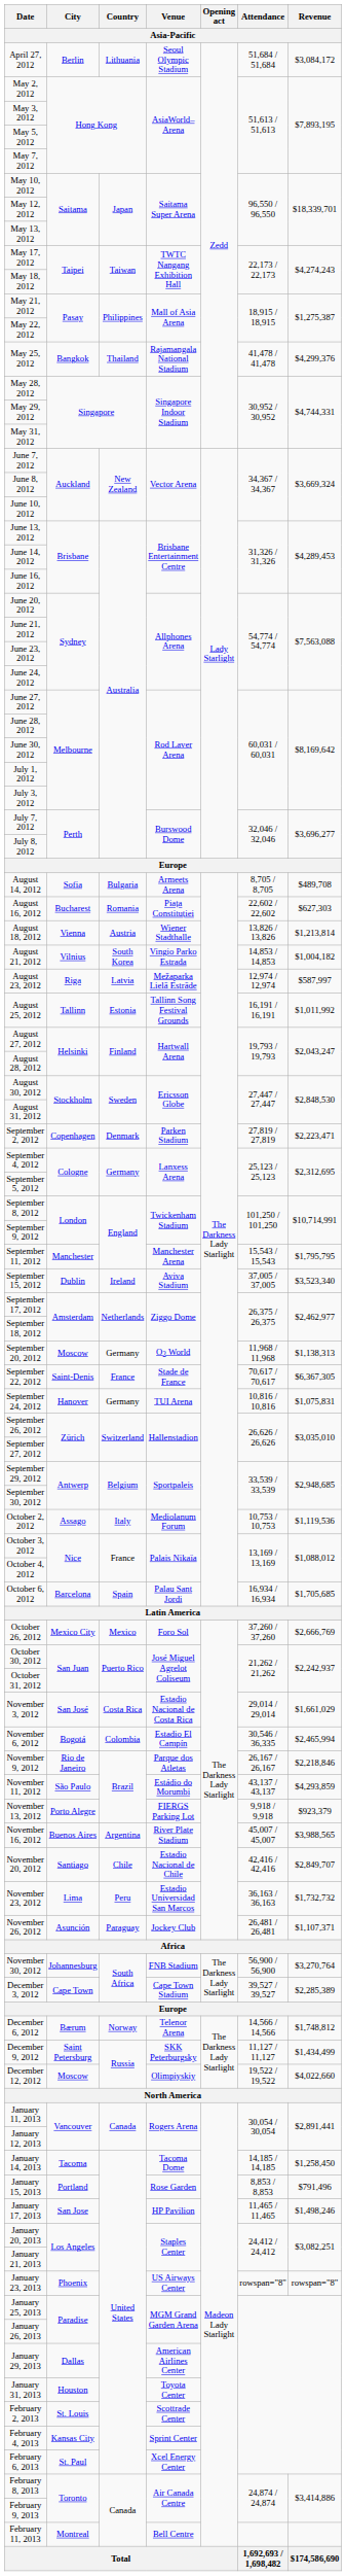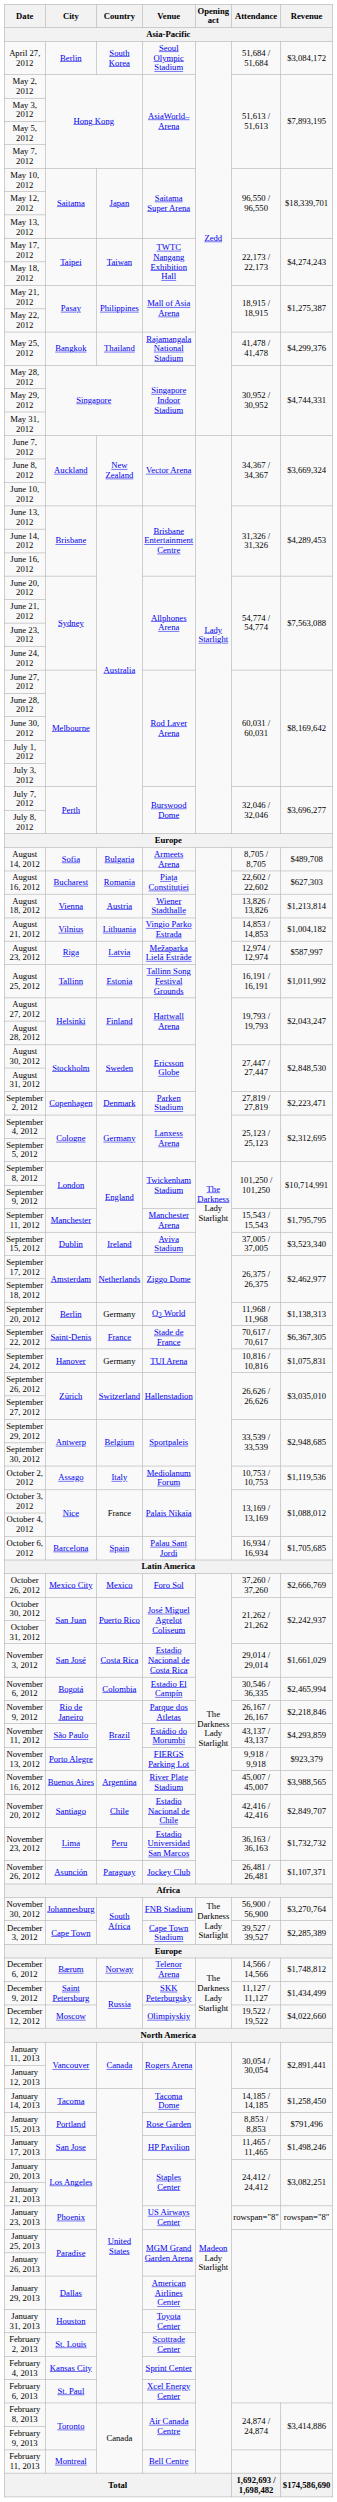 <table class="wikitable" style="text-align:center;">
 <tr>
 <th scope="col" style="width:12em;">Date</th>
 <th scope="col" style="width:10em;">City</th>
 <th scope="col" style="width:10em;">Country</th>
 <th scope="col" style="width:16em;">Venue</th>
 <th scope="col" style="width:10em;">Opening act</th>
 <th scope="col" style="width:10em;">Attendance</th>
 <th scope="col" style="width:10em;">Revenue</th>
 </tr>
 <tr>
 <th colspan="7">Asia-Pacific</th>
 </tr>
 <tr>
 <td>April 27, 2012</td>
 <td><a href='#'>Berlin</a></td>
-<td><a href='#'>Lithuania</a></td>
+<td><a href='#'>South Korea</a></td>
 <td><a href='#'>Seoul Olympic Stadium</a></td>
 <td rowspan="16"><a href='#'>Zedd</a></td>
 <td>51,684 / 51,684</td>
 <td>$3,084,172</td>
 </tr>
 <tr>
 <td>May 2, 2012</td>
 <td colspan="2" rowspan="4"><a href='#'>Hong Kong</a></td>
 <td rowspan="4"><a href='#'>AsiaWorld–Arena</a></td>
 <td rowspan="4">51,613 / 51,613</td>
 <td rowspan="4">$7,893,195</td>
 </tr>
 <tr>
 <td>May 3, 2012</td>
 </tr>
 <tr>
 <td>May 5, 2012</td>
 </tr>
 <tr>
 <td>May 7, 2012</td>
 </tr>
 <tr>
 <td>May 10, 2012</td>
 <td rowspan="3"><a href='#'>Saitama</a></td>
 <td rowspan="3"><a href='#'>Japan</a></td>
 <td rowspan="3"><a href='#'>Saitama Super Arena</a></td>
 <td rowspan="3">96,550 / 96,550</td>
 <td rowspan="3">$18,339,701</td>
 </tr>
 <tr>
 <td>May 12, 2012</td>
 </tr>
 <tr>
 <td>May 13, 2012</td>
 </tr>
 <tr>
 <td>May 17, 2012</td>
 <td rowspan="2"><a href='#'>Taipei</a></td>
 <td rowspan="2"><a href='#'>Taiwan</a></td>
 <td rowspan="2"><a href='#'>TWTC Nangang Exhibition Hall</a></td>
 <td rowspan="2">22,173 / 22,173</td>
 <td rowspan="2">$4,274,243</td>
 </tr>
 <tr>
 <td>May 18, 2012</td>
 </tr>
 <tr>
 <td>May 21, 2012</td>
 <td rowspan="2"><a href='#'>Pasay</a></td>
 <td rowspan="2"><a href='#'>Philippines</a></td>
 <td rowspan="2"><a href='#'>Mall of Asia Arena</a></td>
 <td rowspan="2">18,915 / 18,915</td>
 <td rowspan="2">$1,275,387</td>
 </tr>
 <tr>
 <td>May 22, 2012</td>
 </tr>
 <tr>
 <td>May 25, 2012</td>
 <td><a href='#'>Bangkok</a></td>
 <td><a href='#'>Thailand</a></td>
 <td><a href='#'>Rajamangala National Stadium</a></td>
 <td>41,478 / 41,478</td>
 <td>$4,299,376</td>
 </tr>
 <tr>
 <td>May 28, 2012</td>
 <td colspan="2" rowspan="3"><a href='#'>Singapore</a></td>
 <td rowspan="3"><a href='#'>Singapore Indoor Stadium</a></td>
 <td rowspan="3">30,952 / 30,952</td>
 <td rowspan="3">$4,744,331</td>
 </tr>
 <tr>
 <td>May 29, 2012</td>
 </tr>
 <tr>
 <td>May 31, 2012</td>
 </tr>
 <tr>
 <td>June 7, 2012</td>
 <td rowspan="3"><a href='#'>Auckland</a></td>
 <td rowspan="3"><a href='#'>New Zealand</a></td>
 <td rowspan="3"><a href='#'>Vector Arena</a></td>
 <td rowspan="17"><a href='#'>Lady Starlight</a></td>
 <td rowspan="3">34,367 / 34,367</td>
 <td rowspan="3">$3,669,324</td>
 </tr>
 <tr>
 <td>June 8, 2012</td>
 </tr>
 <tr>
 <td>June 10, 2012</td>
 </tr>
 <tr>
 <td>June 13, 2012</td>
 <td rowspan="3"><a href='#'>Brisbane</a></td>
 <td rowspan="14"><a href='#'>Australia</a></td>
 <td rowspan="3"><a href='#'>Brisbane Entertainment Centre</a></td>
 <td rowspan="3">31,326 / 31,326</td>
 <td rowspan="3">$4,289,453</td>
 </tr>
 <tr>
 <td>June 14, 2012</td>
 </tr>
 <tr>
 <td>June 16, 2012</td>
 </tr>
 <tr>
 <td>June 20, 2012</td>
 <td rowspan="4"><a href='#'>Sydney</a></td>
 <td rowspan="4"><a href='#'>Allphones Arena</a></td>
 <td rowspan="4">54,774 / 54,774</td>
 <td rowspan="4">$7,563,088</td>
 </tr>
 <tr>
 <td>June 21, 2012</td>
 </tr>
 <tr>
 <td>June 23, 2012</td>
 </tr>
 <tr>
 <td>June 24, 2012</td>
 </tr>
 <tr>
 <td>June 27, 2012</td>
 <td rowspan="5"><a href='#'>Melbourne</a></td>
 <td rowspan="5"><a href='#'>Rod Laver Arena</a></td>
 <td rowspan="5">60,031 / 60,031</td>
 <td rowspan="5">$8,169,642</td>
 </tr>
 <tr>
 <td>June 28, 2012</td>
 </tr>
 <tr>
 <td>June 30, 2012</td>
 </tr>
 <tr>
 <td>July 1, 2012</td>
 </tr>
 <tr>
 <td>July 3, 2012</td>
 </tr>
 <tr>
 <td>July 7, 2012</td>
 <td rowspan="2"><a href='#'>Perth</a></td>
 <td rowspan="2"><a href='#'>Burswood Dome</a></td>
 <td rowspan="2">32,046 / 32,046</td>
 <td rowspan="2">$3,696,277</td>
 </tr>
 <tr>
 <td>July 8, 2012</td>
 </tr>
 <tr>
 <th colspan="7">Europe</th>
 </tr>
 <tr>
 <td>August 14, 2012</td>
 <td><a href='#'>Sofia</a></td>
 <td><a href='#'>Bulgaria</a></td>
 <td><a href='#'>Armeets Arena</a></td>
 <td rowspan="30"><a href='#'>The Darkness</a><br>Lady Starlight</td>
 <td>8,705 / 8,705</td>
 <td>$489,708</td>
 </tr>
 <tr>
 <td>August 16, 2012</td>
 <td><a href='#'>Bucharest</a></td>
 <td><a href='#'>Romania</a></td>
 <td><a href='#'>Piața Constituției</a></td>
 <td>22,602 / 22,602</td>
 <td>$627,303</td>
 </tr>
 <tr>
 <td>August 18, 2012</td>
 <td><a href='#'>Vienna</a></td>
 <td><a href='#'>Austria</a></td>
 <td><a href='#'>Wiener Stadthalle</a></td>
 <td>13,826 / 13,826</td>
 <td>$1,213,814</td>
 </tr>
 <tr>
 <td>August 21, 2012</td>
 <td><a href='#'>Vilnius</a></td>
-<td><a href='#'>South Korea</a></td>
+<td><a href='#'>Lithuania</a></td>
 <td><a href='#'>Vingio Parko Estrada</a></td>
 <td>14,853 / 14,853</td>
 <td>$1,004,182</td>
 </tr>
 <tr>
 <td>August 23, 2012</td>
 <td><a href='#'>Riga</a></td>
 <td><a href='#'>Latvia</a></td>
 <td><a href='#'>Mežaparka Lielā Estrāde</a></td>
 <td>12,974 / 12,974</td>
 <td>$587,997</td>
 </tr>
 <tr>
 <td>August 25, 2012</td>
 <td><a href='#'>Tallinn</a></td>
 <td><a href='#'>Estonia</a></td>
 <td><a href='#'>Tallinn Song Festival Grounds</a></td>
 <td>16,191 / 16,191</td>
 <td>$1,011,992</td>
 </tr>
 <tr>
 <td>August 27, 2012</td>
 <td rowspan="2"><a href='#'>Helsinki</a></td>
 <td rowspan="2"><a href='#'>Finland</a></td>
 <td rowspan="2"><a href='#'>Hartwall Arena</a></td>
 <td rowspan="2">19,793 / 19,793</td>
 <td rowspan="2">$2,043,247</td>
 </tr>
 <tr>
 <td>August 28, 2012</td>
 </tr>
 <tr>
 <td>August 30, 2012</td>
 <td rowspan="2"><a href='#'>Stockholm</a></td>
 <td rowspan="2"><a href='#'>Sweden</a></td>
 <td rowspan="2"><a href='#'>Ericsson Globe</a></td>
 <td rowspan="2">27,447 / 27,447</td>
 <td rowspan="2">$2,848,530</td>
 </tr>
 <tr>
 <td>August 31, 2012</td>
 </tr>
 <tr>
 <td>September 2, 2012</td>
 <td><a href='#'>Copenhagen</a></td>
 <td><a href='#'>Denmark</a></td>
 <td><a href='#'>Parken Stadium</a></td>
 <td>27,819 / 27,819</td>
 <td>$2,223,471</td>
 </tr>
 <tr>
 <td>September 4, 2012</td>
 <td rowspan="2"><a href='#'>Cologne</a></td>
 <td rowspan="2"><a href='#'>Germany</a></td>
 <td rowspan="2"><a href='#'>Lanxess Arena</a></td>
 <td rowspan="2">25,123 / 25,123</td>
 <td rowspan="2">$2,312,695</td>
 </tr>
 <tr>
 <td>September 5, 2012</td>
 </tr>
 <tr>
 <td>September 8, 2012</td>
 <td rowspan="2"><a href='#'>London</a></td>
 <td rowspan="3"><a href='#'>England</a></td>
 <td rowspan="2"><a href='#'>Twickenham Stadium</a></td>
 <td rowspan="2">101,250 / 101,250</td>
 <td rowspan="2">$10,714,991</td>
 </tr>
 <tr>
 <td>September 9, 2012</td>
 </tr>
 <tr>
 <td>September 11, 2012</td>
 <td><a href='#'>Manchester</a></td>
 <td><a href='#'>Manchester Arena</a></td>
 <td>15,543 / 15,543</td>
 <td>$1,795,795</td>
 </tr>
 <tr>
 <td>September 15, 2012</td>
 <td><a href='#'>Dublin</a></td>
 <td><a href='#'>Ireland</a></td>
 <td><a href='#'>Aviva Stadium</a></td>
 <td>37,005 / 37,005</td>
 <td>$3,523,340</td>
 </tr>
 <tr>
 <td>September 17, 2012</td>
 <td rowspan="2"><a href='#'>Amsterdam</a></td>
 <td rowspan="2"><a href='#'>Netherlands</a></td>
 <td rowspan="2"><a href='#'>Ziggo Dome</a></td>
 <td rowspan="2">26,375 / 26,375</td>
 <td rowspan="2">$2,462,977</td>
 </tr>
 <tr>
 <td>September 18, 2012</td>
 </tr>
 <tr>
 <td>September 20, 2012</td>
-<td><a href='#'>Moscow</a></td>
+<td><a href='#'>Berlin</a></td>
 <td>Germany</td>
 <td><a href='#'>O<sub>2</sub> World</a></td>
 <td>11,968 / 11,968</td>
 <td>$1,138,313</td>
 </tr>
 <tr>
 <td>September 22, 2012</td>
 <td><a href='#'>Saint-Denis</a></td>
 <td><a href='#'>France</a></td>
 <td><a href='#'>Stade de France</a></td>
 <td>70,617 / 70,617</td>
 <td>$6,367,305</td>
 </tr>
 <tr>
 <td>September 24, 2012</td>
 <td><a href='#'>Hanover</a></td>
 <td>Germany</td>
 <td><a href='#'>TUI Arena</a></td>
 <td>10,816 / 10,816</td>
 <td>$1,075,831</td>
 </tr>
 <tr>
 <td>September 26, 2012</td>
 <td rowspan="2"><a href='#'>Zürich</a></td>
 <td rowspan="2"><a href='#'>Switzerland</a></td>
 <td rowspan="2"><a href='#'>Hallenstadion</a></td>
 <td rowspan="2">26,626 / 26,626</td>
 <td rowspan="2">$3,035,010</td>
 </tr>
 <tr>
 <td>September 27, 2012</td>
 </tr>
 <tr>
 <td>September 29, 2012</td>
 <td rowspan="2"><a href='#'>Antwerp</a></td>
 <td rowspan="2"><a href='#'>Belgium</a></td>
 <td rowspan="2"><a href='#'>Sportpaleis</a></td>
 <td rowspan="2">33,539 / 33,539</td>
 <td rowspan="2">$2,948,685</td>
 </tr>
 <tr>
 <td>September 30, 2012</td>
 </tr>
 <tr>
 <td>October 2, 2012</td>
 <td><a href='#'>Assago</a></td>
 <td><a href='#'>Italy</a></td>
 <td><a href='#'>Mediolanum Forum</a></td>
 <td>10,753 / 10,753</td>
 <td>$1,119,536</td>
 </tr>
 <tr>
 <td>October 3, 2012</td>
 <td rowspan="2"><a href='#'>Nice</a></td>
 <td rowspan="2">France</td>
 <td rowspan="2"><a href='#'>Palais Nikaïa</a></td>
 <td rowspan="2">13,169 / 13,169</td>
 <td rowspan="2">$1,088,012</td>
 </tr>
 <tr>
 <td>October 4, 2012</td>
 </tr>
 <tr>
 <td>October 6, 2012</td>
 <td><a href='#'>Barcelona</a></td>
 <td><a href='#'>Spain</a></td>
 <td><a href='#'>Palau Sant Jordi</a></td>
 <td>16,934 / 16,934</td>
 <td>$1,705,685</td>
 </tr>
 <tr>
 <th colspan="7">Latin America</th>
 </tr>
 <tr>
 <td>October 26, 2012</td>
 <td><a href='#'>Mexico City</a></td>
 <td><a href='#'>Mexico</a></td>
 <td><a href='#'>Foro Sol</a></td>
 <td rowspan="12">The Darkness<br>Lady Starlight</td>
 <td>37,260 / 37,260</td>
 <td>$2,666,769</td>
 </tr>
 <tr>
 <td>October 30, 2012</td>
 <td rowspan="2"><a href='#'>San Juan</a></td>
 <td rowspan="2"><a href='#'>Puerto Rico</a></td>
 <td rowspan="2"><a href='#'>José Miguel Agrelot Coliseum</a></td>
 <td rowspan="2">21,262 / 21,262</td>
 <td rowspan="2">$2,242,937</td>
 </tr>
 <tr>
 <td>October 31, 2012</td>
 </tr>
 <tr>
 <td>November 3, 2012</td>
 <td><a href='#'>San José</a></td>
 <td><a href='#'>Costa Rica</a></td>
 <td><a href='#'>Estadio Nacional de Costa Rica</a></td>
 <td>29,014 / 29,014</td>
 <td>$1,661,029</td>
 </tr>
 <tr>
 <td>November 6, 2012</td>
 <td><a href='#'>Bogotá</a></td>
 <td><a href='#'>Colombia</a></td>
 <td><a href='#'>Estadio El Campín</a></td>
 <td>30,546 / 36,335</td>
 <td>$2,465,994</td>
 </tr>
 <tr>
 <td>November 9, 2012</td>
 <td><a href='#'>Rio de Janeiro</a></td>
 <td rowspan="3"><a href='#'>Brazil</a></td>
 <td><a href='#'>Parque dos Atletas</a></td>
 <td>26,167 / 26,167</td>
 <td>$2,218,846</td>
 </tr>
 <tr>
 <td>November 11, 2012</td>
 <td><a href='#'>São Paulo</a></td>
 <td><a href='#'>Estádio do Morumbi</a></td>
 <td>43,137 / 43,137</td>
 <td>$4,293,859</td>
 </tr>
 <tr>
 <td>November 13, 2012</td>
 <td><a href='#'>Porto Alegre</a></td>
 <td><a href='#'>FIERGS Parking Lot</a></td>
 <td>9,918 / 9,918</td>
 <td>$923,379</td>
 </tr>
 <tr>
 <td>November 16, 2012</td>
 <td><a href='#'>Buenos Aires</a></td>
 <td><a href='#'>Argentina</a></td>
 <td><a href='#'>River Plate Stadium</a></td>
 <td>45,007 / 45,007</td>
 <td>$3,988,565</td>
 </tr>
 <tr>
 <td>November 20, 2012</td>
 <td><a href='#'>Santiago</a></td>
 <td><a href='#'>Chile</a></td>
 <td><a href='#'>Estadio Nacional de Chile</a></td>
 <td>42,416 / 42,416</td>
 <td>$2,849,707</td>
 </tr>
 <tr>
 <td>November 23, 2012</td>
 <td><a href='#'>Lima</a></td>
 <td><a href='#'>Peru</a></td>
 <td><a href='#'>Estadio Universidad San Marcos</a></td>
 <td>36,163 / 36,163</td>
 <td>$1,732,732</td>
 </tr>
 <tr>
 <td>November 26, 2012</td>
 <td><a href='#'>Asunción</a></td>
 <td><a href='#'>Paraguay</a></td>
 <td><a href='#'>Jockey Club</a></td>
 <td>26,481 / 26,481</td>
 <td>$1,107,371</td>
 </tr>
 <tr>
 <th colspan="7">Africa</th>
 </tr>
 <tr>
 <td>November 30, 2012</td>
 <td><a href='#'>Johannesburg</a></td>
 <td rowspan="2"><a href='#'>South Africa</a></td>
 <td><a href='#'>FNB Stadium</a></td>
 <td rowspan="2">The Darkness<br>Lady Starlight</td>
 <td>56,900 / 56,900</td>
 <td>$3,270,764</td>
 </tr>
 <tr>
 <td>December 3, 2012</td>
 <td><a href='#'>Cape Town</a></td>
 <td><a href='#'>Cape Town Stadium</a></td>
 <td>39,527 / 39,527</td>
 <td>$2,285,389</td>
 </tr>
 <tr>
 <th colspan="7">Europe</th>
 </tr>
 <tr>
 <td>December 6, 2012</td>
 <td><a href='#'>Bærum</a></td>
 <td><a href='#'>Norway</a></td>
 <td><a href='#'>Telenor Arena</a></td>
 <td rowspan="3">The Darkness<br>Lady Starlight</td>
 <td>14,566 / 14,566</td>
 <td>$1,748,812</td>
 </tr>
 <tr>
 <td>December 9, 2012</td>
 <td><a href='#'>Saint Petersburg</a></td>
 <td rowspan="2"><a href='#'>Russia</a></td>
 <td><a href='#'>SKK Peterburgsky</a></td>
 <td>11,127 / 11,127</td>
 <td>$1,434,499</td>
 </tr>
 <tr>
 <td>December 12, 2012</td>
 <td><a href='#'>Moscow</a></td>
 <td><a href='#'>Olimpiyskiy</a></td>
 <td>19,522 / 19,522</td>
 <td>$4,022,660</td>
 </tr>
 <tr>
 <th colspan="7">North America</th>
 </tr>
 <tr>
 <td>January 11, 2013</td>
 <td rowspan="2"><a href='#'>Vancouver</a></td>
 <td rowspan="2"><a href='#'>Canada</a></td>
 <td rowspan="2"><a href='#'>Rogers Arena</a></td>
 <td rowspan="18"><a href='#'>Madeon</a><br>Lady Starlight</td>
 <td rowspan="2">30,054 / 30,054</td>
 <td rowspan="2">$2,891,441</td>
 </tr>
 <tr>
 <td>January 12, 2013</td>
 </tr>
 <tr>
 <td>January 14, 2013</td>
 <td><a href='#'>Tacoma</a></td>
 <td rowspan="13"><a href='#'>United States</a></td>
 <td><a href='#'>Tacoma Dome</a></td>
 <td>14,185 / 14,185</td>
 <td>$1,258,450</td>
 </tr>
 <tr>
 <td>January 15, 2013</td>
 <td><a href='#'>Portland</a></td>
 <td><a href='#'>Rose Garden</a></td>
 <td>8,853 / 8,853</td>
 <td>$791,496</td>
 </tr>
 <tr>
 <td>January 17, 2013</td>
 <td><a href='#'>San Jose</a></td>
 <td><a href='#'>HP Pavilion</a></td>
 <td>11,465 / 11,465</td>
 <td>$1,498,246</td>
 </tr>
 <tr>
 <td>January 20, 2013</td>
 <td rowspan="2"><a href='#'>Los Angeles</a></td>
 <td rowspan="2"><a href='#'>Staples Center</a></td>
 <td rowspan="2">24,412 / 24,412</td>
 <td rowspan="2">$3,082,251</td>
 </tr>
 <tr>
 <td>January 21, 2013</td>
 </tr>
 <tr>
 <td>January 23, 2013</td>
 <td><a href='#'>Phoenix</a></td>
 <td><a href='#'>US Airways Center</a></td>
 <td>rowspan="8" </td>
 <td>rowspan="8" </td>
 </tr>
 <tr>
 <td>January 25, 2013</td>
 <td rowspan="2"><a href='#'>Paradise</a></td>
 <td rowspan="2"><a href='#'>MGM Grand Garden Arena</a></td>
 </tr>
 <tr>
 <td>January 26, 2013</td>
 </tr>
 <tr>
 <td>January 29, 2013</td>
 <td><a href='#'>Dallas</a></td>
 <td><a href='#'>American Airlines Center</a></td>
 </tr>
 <tr>
 <td>January 31, 2013</td>
 <td><a href='#'>Houston</a></td>
 <td><a href='#'>Toyota Center</a></td>
 </tr>
 <tr>
 <td>February 2, 2013</td>
 <td><a href='#'>St. Louis</a></td>
 <td><a href='#'>Scottrade Center</a></td>
 </tr>
 <tr>
 <td>February 4, 2013</td>
 <td><a href='#'>Kansas City</a></td>
 <td><a href='#'>Sprint Center</a></td>
 </tr>
 <tr>
 <td>February 6, 2013</td>
 <td><a href='#'>St. Paul</a></td>
 <td><a href='#'>Xcel Energy Center</a></td>
 </tr>
 <tr>
 <td>February 8, 2013</td>
 <td rowspan="2"><a href='#'>Toronto</a></td>
 <td rowspan="3">Canada</td>
 <td rowspan="2"><a href='#'>Air Canada Centre</a></td>
 <td rowspan="2">24,874 / 24,874</td>
 <td rowspan="2">$3,414,886</td>
 </tr>
 <tr>
 <td>February 9, 2013</td>
 </tr>
 <tr>
 <td>February 11, 2013</td>
 <td><a href='#'>Montreal</a></td>
 <td><a href='#'>Bell Centre</a></td>
 <td></td>
 <td></td>
 </tr>
 <tr>
 <th colspan="5">Total</th>
 <th>1,692,693 / 1,698,482</th>
 <th>$174,586,690</th>
 </tr>
 </table>
